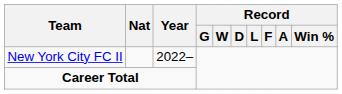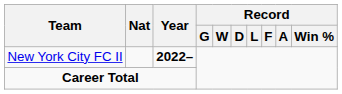 <table class="wikitable" style="text-align: center">
 <tr>
 <th rowspan="2">Team</th>
 <th rowspan="2">Nat</th>
 <th rowspan="2">Year</th>
 <th colspan="7">Record</th>
 </tr>
 <tr>
 <th>G</th>
 <th>W</th>
 <th>D</th>
 <th>L</th>
 <th>F</th>
 <th>A</th>
 <th>Win %</th>
 </tr>
 <tr>
 <td align="left"><a href='#'>New York City FC II</a></td>
 <td></td>
-<td>2022–<br></td>
+<td><strong>2022–<br></strong></td>
 </tr>
 <tr>
 <td colspan=3><strong>Career Total</strong><br></td>
 </tr>
 </table>
